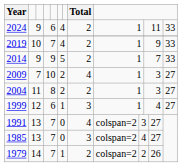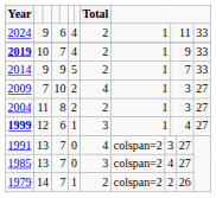 <table class="wikitable" style="text-align:right; padding-left:1em">
 <tr>
 <th align="left">Year</th>
 <td></td>
 <td></td>
 <td></td>
 <td></td>
 <td></td>
 <td></td>
 <th align="left">Total</th>
 </tr>
 <tr>
 <td align=left><a href='#'>2024</a></td>
 <td colspan=2>9</td>
 <td colspan=2>6</td>
 <td colspan=2>4</td>
 <td colspan=2>2</td>
 <td colspan=2>1</td>
 <td colspan=2>11</td>
 <td>33</td>
 </tr>
 <tr>
 </tr>
 <tr>
-<td align=left><a href='#'>2019</a></td>
+<td align=left><strong><a href='#'>2019</a></strong></td>
 <td colspan=2>10</td>
 <td colspan=2>7</td>
 <td colspan=2>4</td>
 <td colspan=2>2</td>
 <td colspan=2>1</td>
 <td colspan=2>9</td>
 <td>33</td>
 </tr>
 <tr>
 <td align=left><a href='#'>2014</a></td>
 <td colspan=2>9</td>
 <td colspan=2>9</td>
 <td colspan=2>5</td>
 <td colspan=2>2</td>
 <td colspan=2>1</td>
 <td colspan=2>7</td>
 <td>33</td>
 </tr>
 <tr>
 <td align=left><a href='#'>2009</a></td>
 <td colspan=2>7</td>
 <td colspan=2>10</td>
 <td colspan=2>2</td>
 <td colspan=2>4</td>
 <td colspan=2>1</td>
 <td colspan=2>3</td>
 <td>27</td>
 </tr>
 <tr>
 <td align=left><a href='#'>2004</a></td>
 <td colspan=2>11</td>
 <td colspan=2>8</td>
 <td colspan=2>2</td>
 <td colspan=2>2</td>
 <td colspan=2>1</td>
 <td colspan=2>3</td>
 <td>27</td>
 </tr>
 <tr>
-<td align=left><a href='#'>1999</a></td>
+<td align=left><strong><a href='#'>1999</a></strong></td>
 <td colspan=2>12</td>
 <td colspan=2>6</td>
 <td colspan=2>1</td>
 <td colspan=2>3</td>
 <td colspan=2>1</td>
 <td colspan=2>4</td>
 <td>27</td>
 </tr>
 <tr>
 <td align=left><a href='#'>1991</a></td>
 <td colspan=2>13</td>
 <td colspan=2>7</td>
 <td colspan=2>0</td>
 <td colspan=2>4</td>
 <td>colspan=2 </td>
 <td colspan=2>3</td>
 <td>27</td>
 </tr>
 <tr>
 <td align=left><a href='#'>1985</a></td>
 <td colspan=2>13</td>
 <td colspan=2>7</td>
 <td colspan=2>0</td>
 <td colspan=2>3</td>
 <td>colspan=2 </td>
 <td colspan=2>4</td>
 <td>27</td>
 </tr>
 <tr>
 <td align=left><a href='#'>1979</a></td>
 <td colspan=2>14</td>
 <td colspan=2>7</td>
 <td colspan=2>1</td>
 <td colspan=2>2</td>
 <td>colspan=2 </td>
 <td colspan=2>2</td>
 <td>26</td>
 </tr>
 </table>
